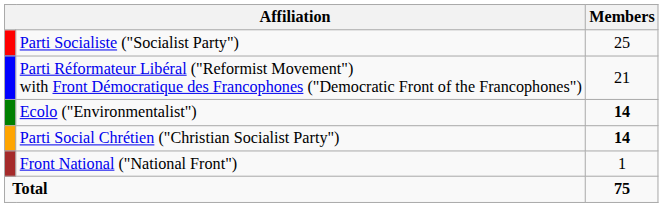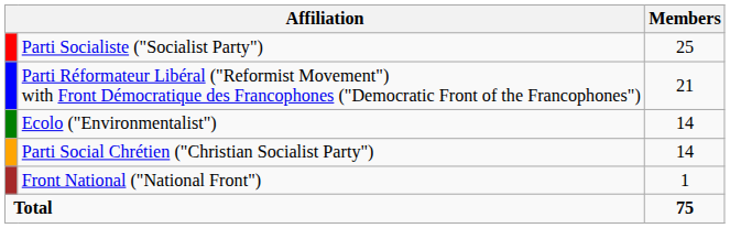 <table class="wikitable">
 <tr>
 <th colspan=2>Affiliation</th>
 <th>Members</th>
 </tr>
 <tr>
 <td bgcolor="red"> </td>
 <td><a href='#'>Parti Socialiste</a> ("Socialist Party")</td>
 <td align="center">25</td>
 </tr>
 <tr>
 <td bgcolor="blue"> </td>
 <td><a href='#'>Parti Réformateur Libéral</a> ("Reformist Movement")<br>with <a href='#'>Front Démocratique des Francophones</a> ("Democratic Front of the Francophones")</td>
 <td align="center">21</td>
 </tr>
 <tr>
 <td bgcolor="green"> </td>
 <td><a href='#'>Ecolo</a> ("Environmentalist")</td>
-<td align="center"><strong>14</strong></td>
+<td align="center">14</td>
 </tr>
 <tr>
 <td bgcolor="orange"> </td>
 <td><a href='#'>Parti Social Chrétien</a> ("Christian Socialist Party")</td>
-<td align="center"><strong>14</strong></td>
+<td align="center">14</td>
 </tr>
 <tr>
 <td bgcolor="brown"> </td>
 <td><a href='#'>Front National</a> ("National Front")</td>
 <td align="center">1</td>
 </tr>
 <tr>
 <td colspan=2 rowspan="1"> <strong>Total</strong><br></td>
 <td align="center"><strong>75</strong></td>
 </tr>
 </table>
